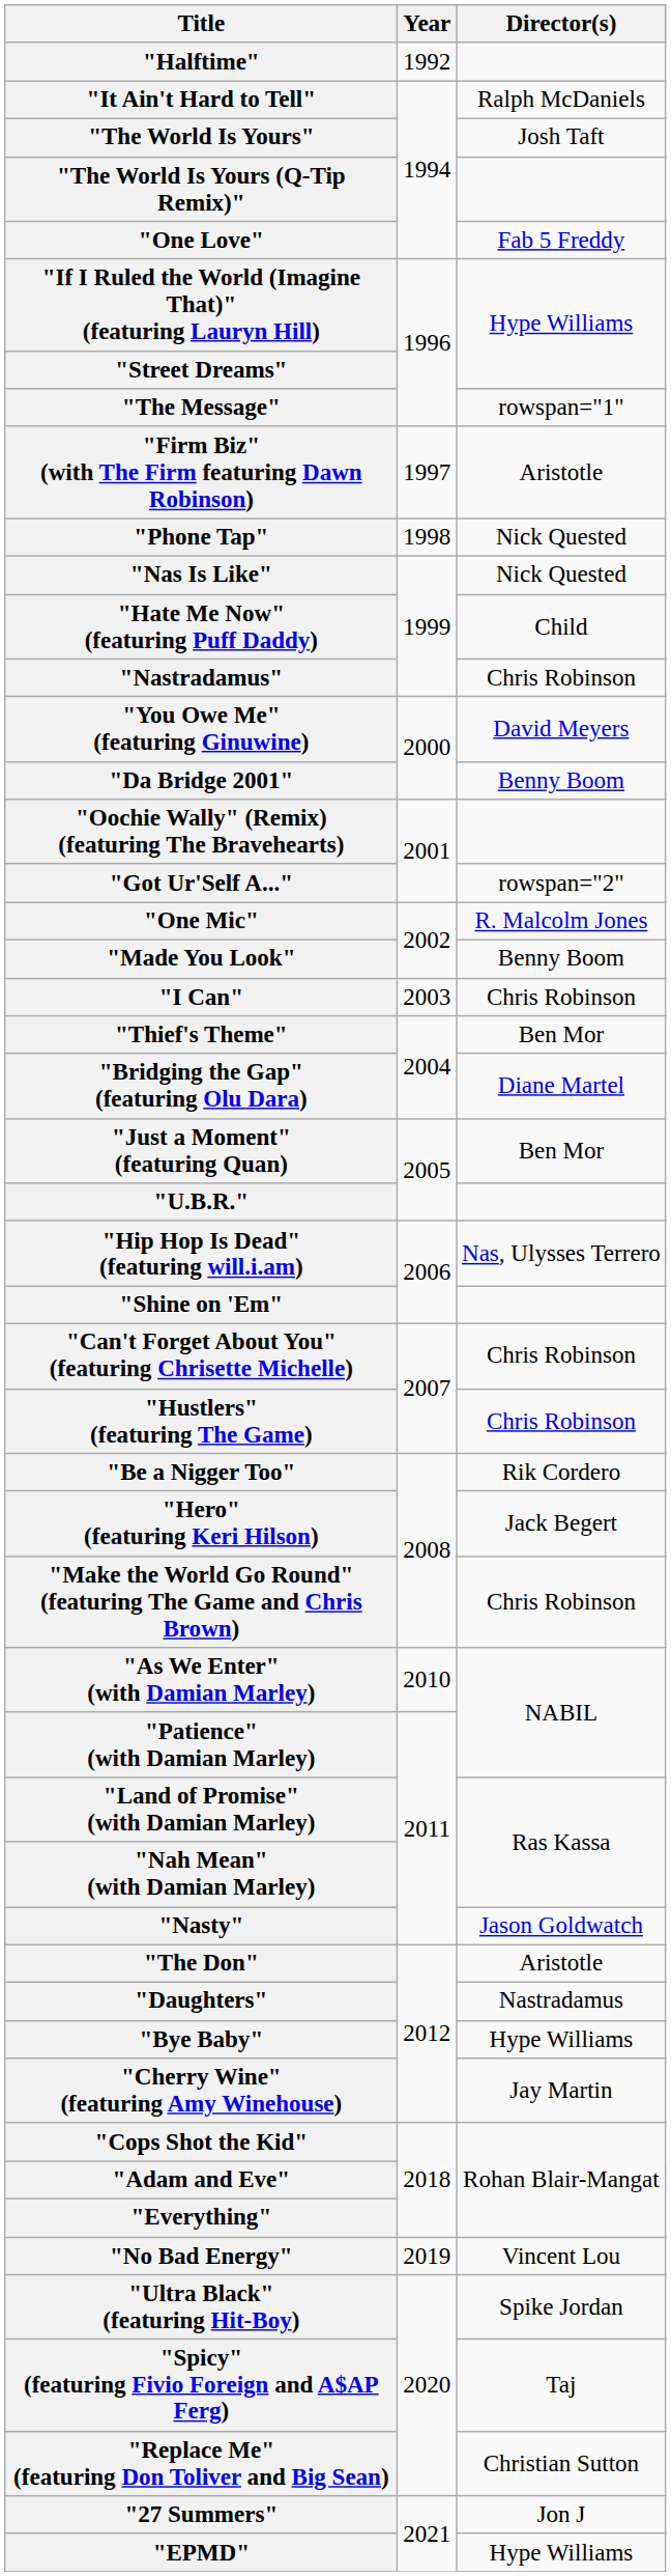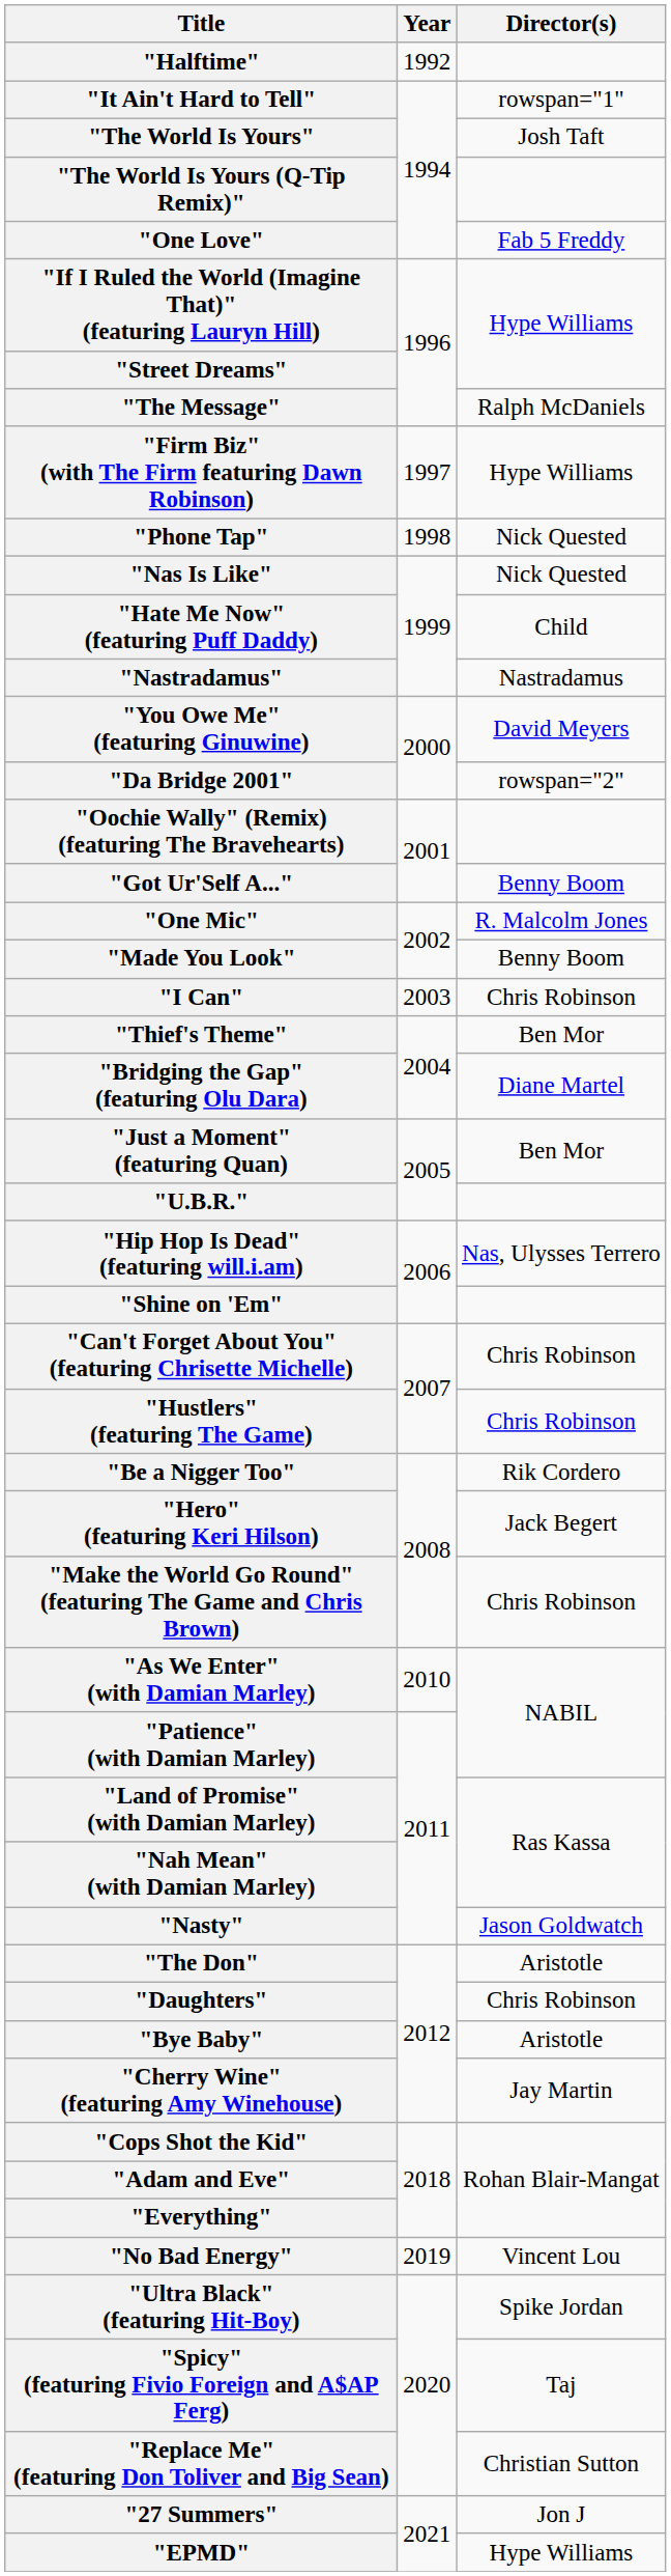 <table class="wikitable plainrowheaders" style="text-align:center;">
 <tr>
 <th scope="col" style="width:16em;">Title</th>
 <th scope="col">Year</th>
 <th scope="col">Director(s)</th>
 </tr>
 <tr>
 <th scope="row">"Halftime"</th>
 <td>1992</td>
 <td></td>
 </tr>
 <tr>
 <th scope="row">"It Ain't Hard to Tell"</th>
 <td rowspan="4">1994</td>
-<td>Ralph McDaniels</td>
+<td>rowspan="1" </td>
 </tr>
 <tr>
 <th scope="row">"The World Is Yours"</th>
 <td>Josh Taft</td>
 </tr>
 <tr>
 <th scope="row">"The World Is Yours (Q-Tip Remix)"</th>
 <td></td>
 </tr>
 <tr>
 <th scope="row">"One Love"</th>
 <td><a href='#'>Fab 5 Freddy</a></td>
 </tr>
 <tr>
 <th scope="row">"If I Ruled the World (Imagine That)"<br><span>(featuring <a href='#'>Lauryn Hill</a>)</span></th>
 <td rowspan="3">1996</td>
 <td rowspan="2"><a href='#'>Hype Williams</a></td>
 </tr>
 <tr>
 <th scope="row">"Street Dreams"</th>
 </tr>
 <tr>
 <th scope="row">"The Message"</th>
-<td>rowspan="1" </td>
+<td>Ralph McDaniels</td>
 </tr>
 <tr>
 <th scope="row">"Firm Biz"<br><span>(with <a href='#'>The Firm</a> featuring <a href='#'>Dawn Robinson</a>)</span></th>
 <td rowspan="1">1997</td>
-<td>Aristotle</td>
+<td>Hype Williams</td>
 </tr>
 <tr>
 <th scope="row">"Phone Tap"<br></th>
 <td>1998</td>
 <td>Nick Quested</td>
 </tr>
 <tr>
 <th scope="row">"Nas Is Like"</th>
 <td rowspan="3">1999</td>
 <td>Nick Quested</td>
 </tr>
 <tr>
 <th scope="row">"Hate Me Now"<br><span>(featuring <a href='#'>Puff Daddy</a>)</span></th>
 <td>Child</td>
 </tr>
 <tr>
 <th scope="row">"Nastradamus"</th>
-<td>Chris Robinson</td>
+<td>Nastradamus</td>
 </tr>
 <tr>
 <th scope="row">"You Owe Me"<br><span>(featuring <a href='#'>Ginuwine</a>)</span></th>
 <td rowspan="2">2000</td>
 <td><a href='#'>David Meyers</a></td>
 </tr>
 <tr>
 <th scope="row">"Da Bridge 2001"</th>
-<td><a href='#'>Benny Boom</a></td>
+<td>rowspan="2" </td>
 </tr>
 <tr>
 <th scope="row">"Oochie Wally" (Remix)<br><span>(featuring The Bravehearts)</span></th>
 <td rowspan="2">2001</td>
 </tr>
 <tr>
 <th scope="row">"Got Ur'Self A..."</th>
-<td>rowspan="2" </td>
+<td><a href='#'>Benny Boom</a></td>
 </tr>
 <tr>
 <th scope="row">"One Mic"</th>
 <td rowspan="2">2002</td>
 <td><a href='#'>R. Malcolm Jones</a></td>
 </tr>
 <tr>
 <th scope="row">"Made You Look"</th>
 <td>Benny Boom</td>
 </tr>
 <tr>
 <th scope="row">"I Can"</th>
 <td>2003</td>
 <td>Chris Robinson</td>
 </tr>
 <tr>
 <th scope="row">"Thief's Theme"</th>
 <td rowspan="2">2004</td>
 <td>Ben Mor</td>
 </tr>
 <tr>
 <th scope="row">"Bridging the Gap"<br><span>(featuring <a href='#'>Olu Dara</a>)</span></th>
 <td><a href='#'>Diane Martel</a></td>
 </tr>
 <tr>
 <th scope="row">"Just a Moment"<br><span>(featuring Quan)</span></th>
 <td rowspan="2">2005</td>
 <td>Ben Mor</td>
 </tr>
 <tr>
 <th scope="row">"U.B.R."</th>
 <td></td>
 </tr>
 <tr>
 <th scope="row">"Hip Hop Is Dead"<br><span>(featuring <a href='#'>will.i.am</a>)</span></th>
 <td rowspan="2">2006</td>
 <td><a href='#'>Nas</a>, Ulysses Terrero</td>
 </tr>
 <tr>
 <th scope="row">"Shine on 'Em"</th>
 <td></td>
 </tr>
 <tr>
 <th scope="row">"Can't Forget About You"<br><span>(featuring <a href='#'>Chrisette Michelle</a>)</span></th>
 <td rowspan="2">2007</td>
 <td>Chris Robinson</td>
 </tr>
 <tr>
 <th scope="row">"Hustlers"<br><span>(featuring <a href='#'>The Game</a>)</span></th>
 <td><a href='#'>Chris Robinson</a></td>
 </tr>
 <tr>
 <th scope="row">"Be a Nigger Too"</th>
 <td rowspan="3">2008</td>
 <td>Rik Cordero</td>
 </tr>
 <tr>
 <th scope="row">"Hero"<br><span>(featuring <a href='#'>Keri Hilson</a>)</span></th>
 <td>Jack Begert</td>
 </tr>
 <tr>
 <th scope="row">"Make the World Go Round"<br><span>(featuring The Game and <a href='#'>Chris Brown</a>)</span></th>
 <td>Chris Robinson</td>
 </tr>
 <tr>
 <th scope="row">"As We Enter"<br><span>(with <a href='#'>Damian Marley</a>)</span></th>
 <td>2010</td>
 <td rowspan="2">NABIL</td>
 </tr>
 <tr>
 <th scope="row">"Patience"<br><span>(with Damian Marley)</span></th>
 <td rowspan="4">2011</td>
 </tr>
 <tr>
 <th scope="row">"Land of Promise"<br><span>(with Damian Marley)</span></th>
 <td rowspan="2">Ras Kassa</td>
 </tr>
 <tr>
 <th scope="row">"Nah Mean"<br><span>(with Damian Marley)</span></th>
 </tr>
 <tr>
 <th scope="row">"Nasty"</th>
 <td><a href='#'>Jason Goldwatch</a></td>
 </tr>
 <tr>
 <th scope="row">"The Don"</th>
 <td rowspan="4">2012</td>
 <td>Aristotle</td>
 </tr>
 <tr>
 <th scope="row">"Daughters"</th>
-<td>Nastradamus</td>
+<td>Chris Robinson</td>
 </tr>
 <tr>
 <th scope="row">"Bye Baby"</th>
-<td>Hype Williams</td>
+<td>Aristotle</td>
 </tr>
 <tr>
 <th scope="row">"Cherry Wine"<br><span>(featuring <a href='#'>Amy Winehouse</a>)</span></th>
 <td>Jay Martin</td>
 </tr>
 <tr>
 <th scope="row">"Cops Shot the Kid"</th>
 <td rowspan="3">2018</td>
 <td rowspan="3">Rohan Blair-Mangat</td>
 </tr>
 <tr>
 <th scope="row">"Adam and Eve"</th>
 </tr>
 <tr>
 <th scope="row">"Everything"</th>
 </tr>
 <tr>
 <th scope="row">"No Bad Energy"</th>
 <td>2019</td>
 <td>Vincent Lou</td>
 </tr>
 <tr>
 <th scope="row">"Ultra Black"<br><span>(featuring <a href='#'>Hit-Boy</a>)</span></th>
 <td rowspan="3">2020</td>
 <td>Spike Jordan</td>
 </tr>
 <tr>
 <th scope="row">"Spicy"<br><span>(featuring <a href='#'>Fivio Foreign</a> and <a href='#'>A$AP Ferg</a>)</span></th>
 <td>Taj</td>
 </tr>
 <tr>
 <th scope="row">"Replace Me"<br><span>(featuring <a href='#'>Don Toliver</a> and <a href='#'>Big Sean</a>)</span></th>
 <td>Christian Sutton</td>
 </tr>
 <tr>
 <th scope="row">"27 Summers"</th>
 <td rowspan="5">2021</td>
 <td>Jon J</td>
 </tr>
 <tr>
 <th scope="row">"EPMD"</th>
 <td>Hype Williams</td>
 </tr>
 <tr>
 </tr>
 </table>
